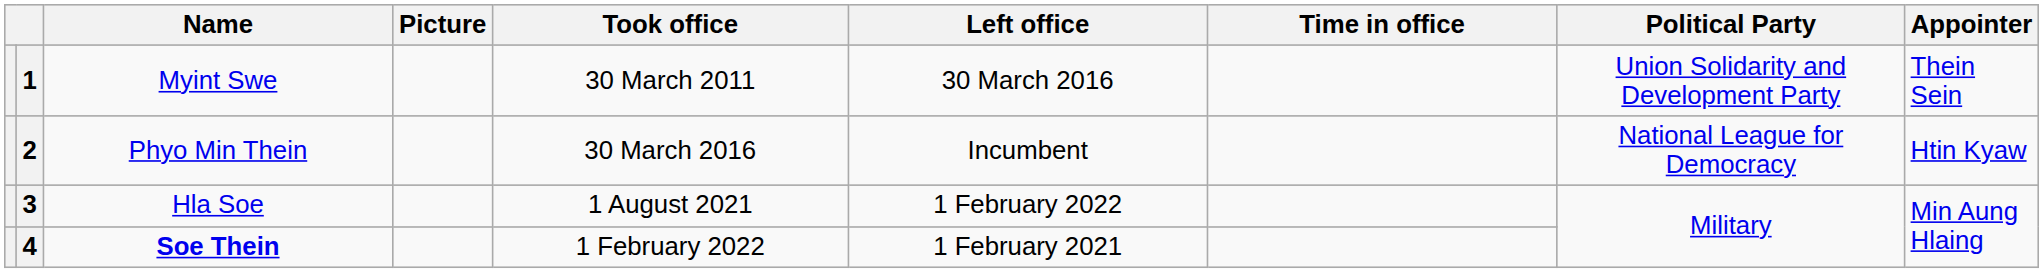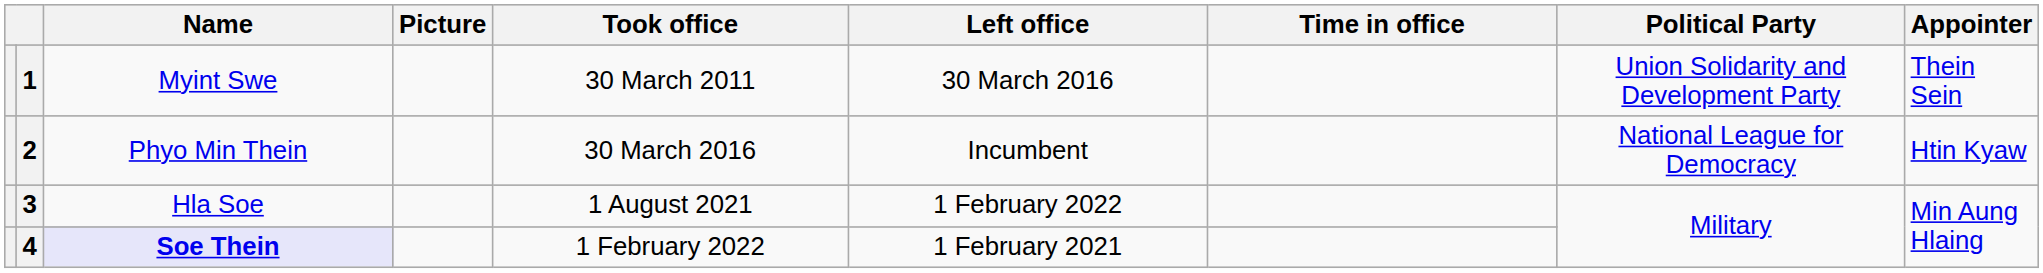 <table class="wikitable" width="100%">
 <tr>
 <th colspan="2" width="1%"></th>
 <th width="20%">Name<br></th>
 <th width="100px">Picture</th>
 <th width="20%">Took office</th>
 <th width="20%">Left office</th>
 <th width="20%">Time in office</th>
 <th width="20%">Political Party</th>
 <th width="20%">Appointer</th>
 </tr>
 <tr>
 <th></th>
 <th style="text-align:center;">1</th>
 <td align=center><a href='#'>Myint Swe</a><br></td>
 <td align=center></td>
 <td align=center>30 March 2011</td>
 <td align=center>30 March 2016</td>
 <td align=center></td>
 <td align=center><a href='#'>Union Solidarity and Development Party</a></td>
 <td><a href='#'>Thein Sein</a></td>
 </tr>
 <tr>
 <th></th>
 <th style="text-align:center;">2</th>
 <td align=center><a href='#'>Phyo Min Thein</a><br></td>
 <td align=center></td>
 <td align=center>30 March 2016</td>
 <td align=center>Incumbent</td>
 <td align=center></td>
 <td align=center><a href='#'>National League for Democracy</a></td>
 <td><a href='#'>Htin Kyaw</a></td>
 </tr>
 <tr>
 <th></th>
 <th style="text-align:center;">3</th>
 <td align=center><a href='#'>Hla Soe</a></td>
 <td align=center></td>
 <td align=center>1 August 2021</td>
 <td align=center>1 February 2022</td>
 <td align=center></td>
 <td rowspan=2 align=center><a href='#'>Military</a></td>
 <td rowspan=2><a href='#'>Min Aung Hlaing</a></td>
 </tr>
 <tr>
 <th></th>
 <th style="text-align:center;">4</th>
-<td align=center><strong><a href='#'>Soe Thein</a></strong></td>
+<td align=center style="background: lavender;"><strong><a href='#'>Soe Thein</a></strong></td>
 <td align=center></td>
 <td align=center>1 February 2022</td>
 <td align=center>1 February 2021</td>
 <td align=center></td>
 </tr>
 </table>
